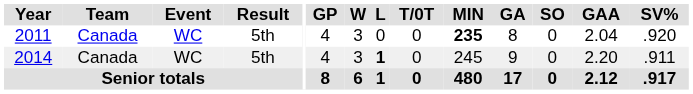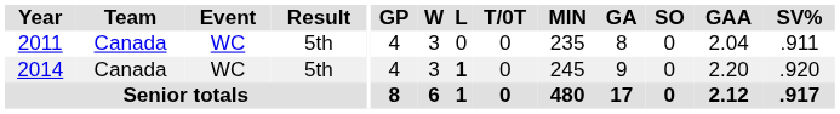 <table border="0" cellpadding="1" cellspacing="0" ID="Table3" style="text-align:center; width:40em;">
 <tr bgcolor="#e0e0e0">
 <th>Year</th>
 <th>Team</th>
 <th>Event</th>
 <th>Result</th>
 <th rowspan="99" bgcolor="#ffffff"></th>
 <th>GP</th>
 <th>W</th>
 <th>L</th>
 <th>T/0T</th>
 <th>MIN</th>
 <th>GA</th>
 <th>SO</th>
 <th>GAA</th>
 <th>SV%</th>
 </tr>
 <tr>
 <td><a href='#'>2011</a></td>
 <td><a href='#'>Canada</a></td>
 <td><a href='#'>WC</a></td>
 <td>5th</td>
 <td>4</td>
 <td>3</td>
 <td>0</td>
 <td>0</td>
-<td><strong>235</strong></td>
+<td>235</td>
 <td>8</td>
 <td>0</td>
 <td>2.04</td>
-<td>.920</td>
+<td>.911</td>
 </tr>
 <tr bgcolor="#f0f0f0">
 <td><a href='#'>2014</a></td>
 <td>Canada</td>
 <td>WC</td>
 <td>5th</td>
 <td>4</td>
 <td>3</td>
 <td><strong>1</strong></td>
 <td>0</td>
 <td>245</td>
 <td>9</td>
 <td>0</td>
 <td>2.20</td>
-<td>.911</td>
+<td>.920</td>
 </tr>
 <tr bgcolor="#e0e0e0">
 <th colspan="4">Senior totals</th>
 <th>8</th>
 <th>6</th>
 <th>1</th>
 <th>0</th>
 <th>480</th>
 <th>17</th>
 <th>0</th>
 <th>2.12</th>
 <th>.917</th>
 </tr>
 </table>
